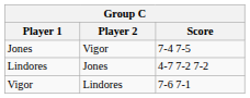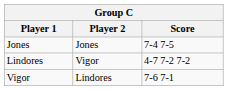 <table class="wikitable">
 <tr>
 <th colspan="3">Group C</th>
 </tr>
 <tr>
 <th width=100>Player 1</th>
 <th width=100>Player 2</th>
 <th width=120>Score</th>
 </tr>
 <tr>
 <td>Jones</td>
-<td>Vigor</td>
+<td>Jones</td>
 <td>7-4 7-5</td>
 </tr>
 <tr>
 <td>Lindores</td>
-<td>Jones</td>
+<td>Vigor</td>
 <td>4-7 7-2 7-2</td>
 </tr>
 <tr>
 <td>Vigor</td>
 <td>Lindores</td>
 <td>7-6 7-1</td>
 </tr>
 </table>
